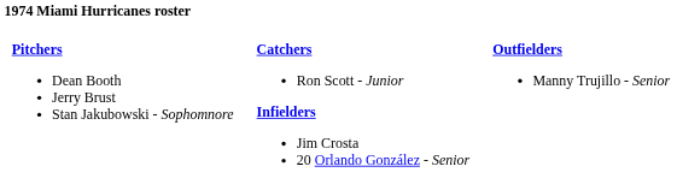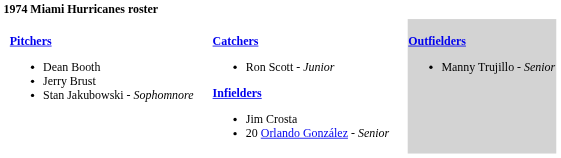 <table class="toccolours" style="text-align: left; font-size:90%;">
 <tr>
 <th colspan="9">1974 Miami Hurricanes roster</th>
 </tr>
 <tr>
 <td width="03"> </td>
 <td valign="top"><br><strong><a href='#'>Pitchers</a></strong><ul><li>Dean Booth</li><li>Jerry Brust</li><li>Stan Jakubowski - <em>Sophomnore</em></li></ul></td>
 <td width="15"> </td>
 <td valign="top"><br><strong><a href='#'>Catchers</a></strong><ul><li>Ron Scott - <em>Junior</em></li></ul><strong><a href='#'>Infielders</a></strong><ul><li>Jim Crosta</li><li>20 <a href='#'>Orlando González</a> - <em>Senior</em></li></ul></td>
 <td width="15"> </td>
-<td valign="top"><br><strong><a href='#'>Outfielders</a></strong><ul><li>Manny Trujillo - <em>Senior</em></li></ul></td>
+<td valign="top" style="background: lightgrey;"><br><strong><a href='#'>Outfielders</a></strong><ul><li>Manny Trujillo - <em>Senior</em></li></ul></td>
 </tr>
 </table>
